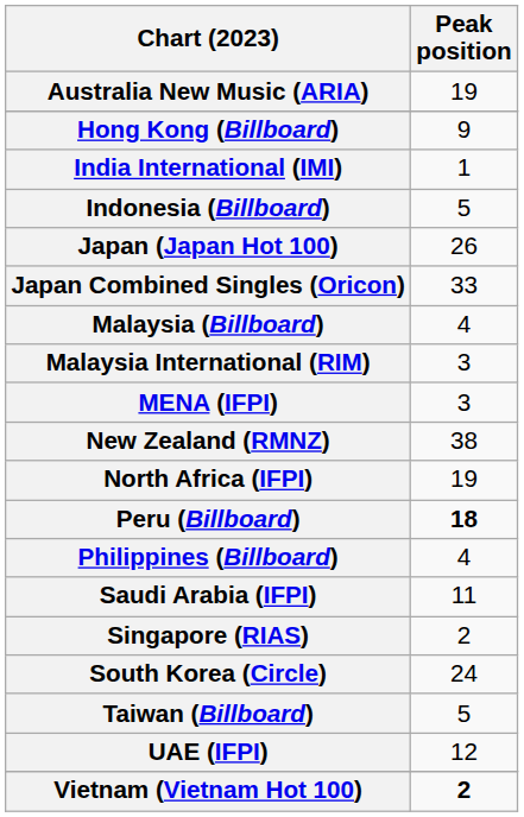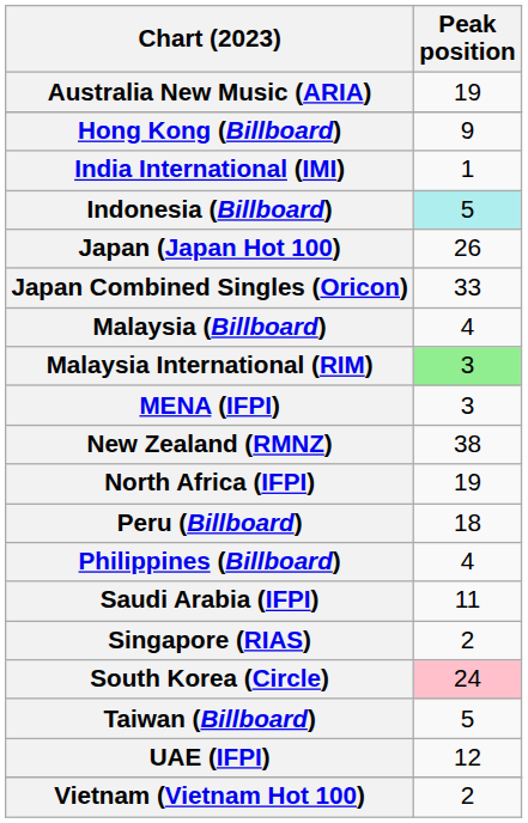 <table class="wikitable sortable plainrowheaders" style="text-align:center">
 <tr>
 <th scope="col">Chart (2023)</th>
 <th scope="col">Peak<br>position</th>
 </tr>
 <tr>
 <th scope="row">Australia New Music (<a href='#'>ARIA</a>)</th>
 <td>19</td>
 </tr>
 <tr>
 </tr>
 <tr>
 </tr>
 <tr>
 <th scope="row"><a href='#'>Hong Kong</a> (<em><a href='#'>Billboard</a></em>)</th>
 <td>9</td>
 </tr>
 <tr>
 <th scope="row"><a href='#'>India International</a> (<a href='#'>IMI</a>)</th>
 <td>1</td>
 </tr>
 <tr>
 <th scope="row">Indonesia (<em><a href='#'>Billboard</a></em>)</th>
-<td>5</td>
+<td style="background: paleturquoise;">5</td>
 </tr>
 <tr>
 <th scope="row">Japan (<a href='#'>Japan Hot 100</a>)</th>
 <td>26</td>
 </tr>
 <tr>
 <th scope="row">Japan Combined Singles (<a href='#'>Oricon</a>)</th>
 <td>33</td>
 </tr>
 <tr>
 <th scope="row">Malaysia (<em><a href='#'>Billboard</a></em>)</th>
 <td>4</td>
 </tr>
 <tr>
 <th scope="row">Malaysia International (<a href='#'>RIM</a>)</th>
-<td>3</td>
+<td style="background: lightgreen;">3</td>
 </tr>
 <tr>
 <th scope="row"><a href='#'>MENA</a> (<a href='#'>IFPI</a>)</th>
 <td>3</td>
 </tr>
 <tr>
 <th scope="row">New Zealand (<a href='#'>RMNZ</a>)</th>
 <td>38</td>
 </tr>
 <tr>
 <th scope="row">North Africa (<a href='#'>IFPI</a>)</th>
 <td>19</td>
 </tr>
 <tr>
 <th scope="row">Peru (<em><a href='#'>Billboard</a></em>)</th>
-<td><strong>18</strong></td>
+<td>18</td>
 </tr>
 <tr>
 <th scope="row"><a href='#'>Philippines</a> (<em><a href='#'>Billboard</a></em>)</th>
 <td>4</td>
 </tr>
 <tr>
 <th scope="row">Saudi Arabia (<a href='#'>IFPI</a>)</th>
 <td>11</td>
 </tr>
 <tr>
 <th scope="row">Singapore (<a href='#'>RIAS</a>)</th>
 <td>2</td>
 </tr>
 <tr>
 <th scope="row">South Korea (<a href='#'>Circle</a>)</th>
-<td>24</td>
+<td style="background: pink;">24</td>
 </tr>
 <tr>
 <th scope="row">Taiwan (<em><a href='#'>Billboard</a></em>)</th>
 <td>5</td>
 </tr>
 <tr>
 <th scope="row">UAE (<a href='#'>IFPI</a>)</th>
 <td>12</td>
 </tr>
 <tr>
 </tr>
 <tr>
 </tr>
 <tr>
 <th scope="row">Vietnam (<a href='#'>Vietnam Hot 100</a>)</th>
-<td><strong>2</strong></td>
+<td>2</td>
 </tr>
 </table>
